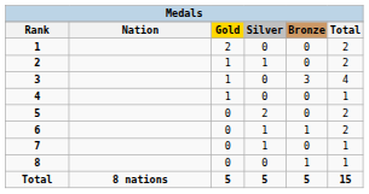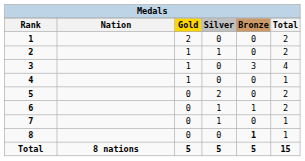 <table class="wikitable" style="text-align:center">
 <tr>
 <td colspan="6" style="background:#BCD4E6"><strong>Medals</strong></td>
 </tr>
 <tr>
 </tr>
 <tr style="background-color:#EDEDED;">
 <th width="75px" class="hintergrundfarbe5">Rank</th>
 <th width="175px" class="hintergrundfarbe6">Nation</th>
 <th style="background:    gold; width:35px ">Gold</th>
 <th style="background:  silver; width:35px ">Silver</th>
 <th style="background: #CC9966; width:35px ">Bronze</th>
 <th width="35px">Total</th>
 </tr>
 <tr>
 <td><strong>1</strong></td>
 <td align=left></td>
 <td>2</td>
 <td>0</td>
 <td>0</td>
 <td>2</td>
 </tr>
 <tr>
 <td><strong>2</strong></td>
 <td align=left></td>
 <td>1</td>
 <td>1</td>
 <td>0</td>
 <td>2</td>
 </tr>
 <tr>
 <td><strong>3</strong></td>
 <td align=left></td>
 <td>1</td>
 <td>0</td>
 <td>3</td>
 <td>4</td>
 </tr>
 <tr>
 <td><strong>4</strong></td>
 <td align=left></td>
 <td>1</td>
 <td>0</td>
 <td>0</td>
 <td>1</td>
 </tr>
 <tr>
 <td><strong>5</strong></td>
 <td align=left></td>
 <td>0</td>
 <td>2</td>
 <td>0</td>
 <td>2</td>
 </tr>
 <tr>
 <td><strong>6</strong></td>
 <td align=left></td>
 <td>0</td>
 <td>1</td>
 <td>1</td>
 <td>2</td>
 </tr>
 <tr>
 <td><strong>7</strong></td>
 <td align=left><em></em></td>
 <td>0</td>
 <td>1</td>
 <td>0</td>
 <td>1</td>
 </tr>
 <tr>
 <td><strong>8</strong></td>
 <td align=left></td>
 <td>0</td>
 <td>0</td>
-<td>1</td>
+<td><strong>1</strong></td>
 <td>1</td>
 </tr>
 <tr>
 <td><strong>Total</strong></td>
 <td><strong>8 nations</strong></td>
 <td><strong>5</strong></td>
 <td><strong>5</strong></td>
 <td><strong>5</strong></td>
 <td><strong>15</strong></td>
 </tr>
 </table>
